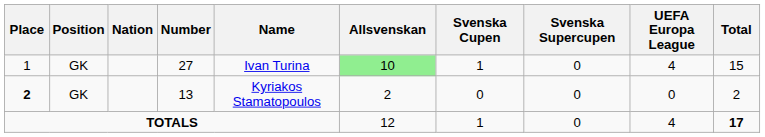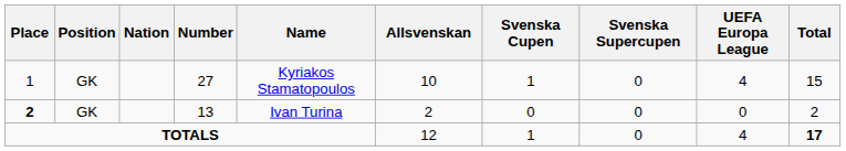 <table class="wikitable" style="font-size: 95%; text-align: center;">
 <tr>
 <th width=60>Place</th>
 <th width=60>Position</th>
 <th width=60>Nation</th>
 <th width=60>Number</th>
 <th width=250>Name</th>
 <th width=150>Allsvenskan</th>
 <th width=200>Svenska Cupen</th>
 <th width=200>Svenska Supercupen</th>
 <th width=200>UEFA Europa League</th>
 <th width=80><strong>Total</strong></th>
 </tr>
 <tr>
 <td>1</td>
 <td>GK</td>
 <td></td>
 <td>27</td>
-<td><a href='#'>Ivan Turina</a></td>
-<td style="background: lightgreen;">10</td>
+<td><a href='#'>Kyriakos Stamatopoulos</a></td>
+<td>10</td>
 <td>1</td>
 <td>0</td>
 <td>4</td>
 <td>15</td>
 </tr>
 <tr>
 <td><strong>2</strong></td>
 <td>GK</td>
 <td></td>
 <td>13</td>
-<td><a href='#'>Kyriakos Stamatopoulos</a></td>
+<td><a href='#'>Ivan Turina</a></td>
 <td>2</td>
 <td>0</td>
 <td>0</td>
 <td>0</td>
 <td>2</td>
 </tr>
 <tr>
 <td colspan="5"><strong>TOTALS</strong></td>
 <td>12</td>
 <td>1</td>
 <td>0</td>
 <td>4</td>
 <td><strong>17</strong></td>
 </tr>
 </table>
